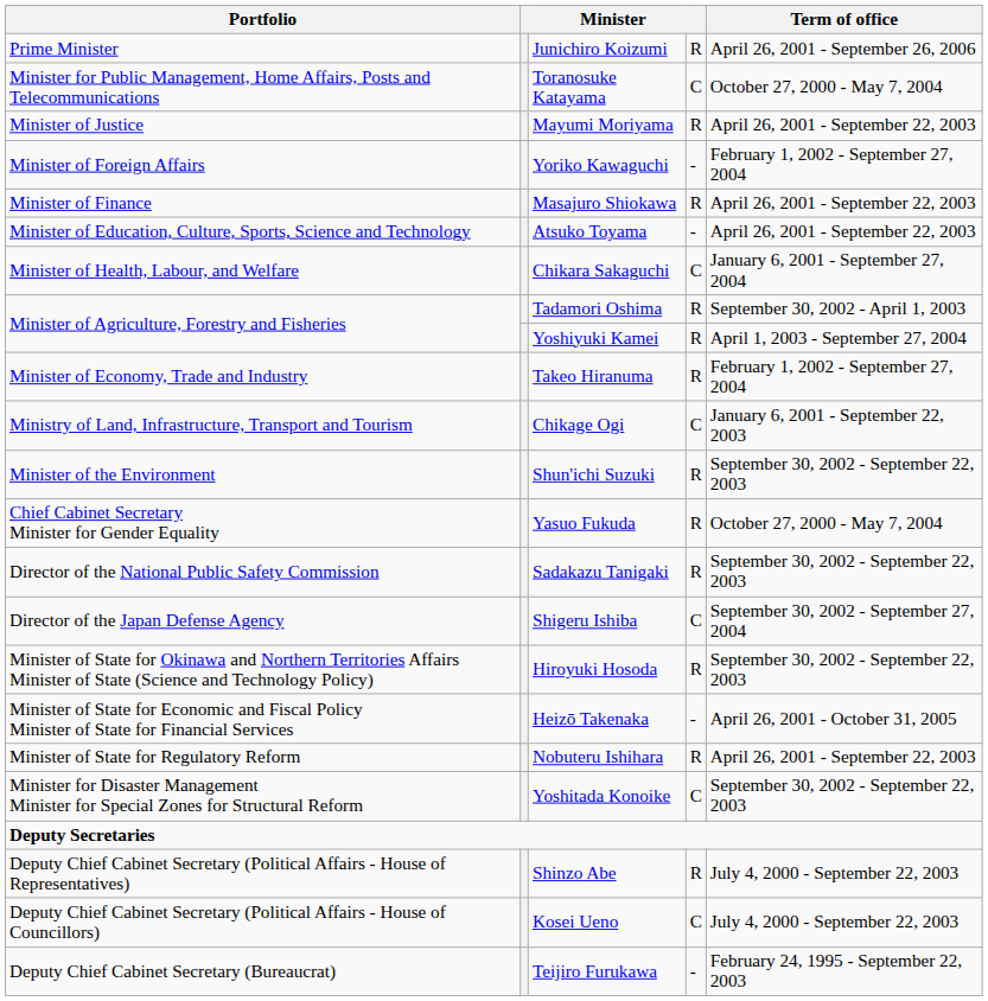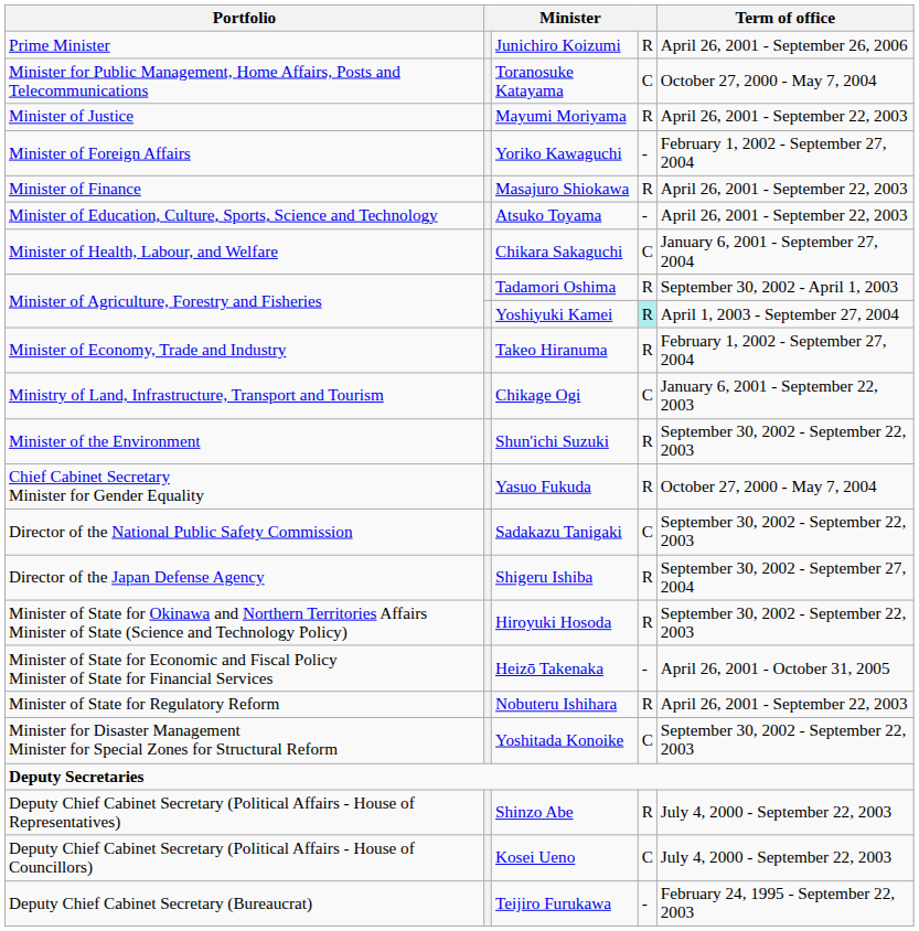 <table class="wikitable">
 <tr>
 <th>Portfolio</th>
 <th colspan=3>Minister</th>
 <th>Term of office</th>
 </tr>
 <tr>
 <td><a href='#'>Prime Minister</a></td>
 <th style="color:inherit;background-color: "></th>
 <td><a href='#'>Junichiro Koizumi</a></td>
 <td>R</td>
 <td>April 26, 2001 - September 26, 2006</td>
 </tr>
 <tr>
 <td><a href='#'>Minister for Public Management, Home Affairs, Posts and Telecommunications</a></td>
 <th style="color:inherit;background-color: "></th>
 <td><a href='#'>Toranosuke Katayama</a></td>
 <td>C</td>
 <td>October 27, 2000 - May 7, 2004</td>
 </tr>
 <tr>
 <td><a href='#'>Minister of Justice</a></td>
 <th style="color:inherit;background-color: "></th>
 <td><a href='#'>Mayumi Moriyama</a></td>
 <td>R</td>
 <td>April 26, 2001 - September 22, 2003</td>
 </tr>
 <tr>
 <td><a href='#'>Minister of Foreign Affairs</a></td>
 <th style="color:inherit;background-color: "></th>
 <td><a href='#'>Yoriko Kawaguchi</a></td>
 <td>-</td>
 <td>February 1, 2002 - September 27, 2004</td>
 </tr>
 <tr>
 <td><a href='#'>Minister of Finance</a></td>
 <th style="color:inherit;background-color: "></th>
 <td><a href='#'>Masajuro Shiokawa</a></td>
 <td>R</td>
 <td>April 26, 2001 - September 22, 2003</td>
 </tr>
 <tr>
 <td><a href='#'>Minister of Education, Culture, Sports, Science and Technology</a></td>
 <th style="color:inherit;background-color: "></th>
 <td><a href='#'>Atsuko Toyama</a></td>
 <td>-</td>
 <td>April 26, 2001 - September 22, 2003</td>
 </tr>
 <tr>
 <td><a href='#'>Minister of Health, Labour, and Welfare</a></td>
 <th style="color:inherit;background-color: "></th>
 <td><a href='#'>Chikara Sakaguchi</a></td>
 <td>C</td>
 <td>January 6, 2001 - September 27, 2004</td>
 </tr>
 <tr>
 <td rowspan=2><a href='#'>Minister of Agriculture, Forestry and Fisheries</a></td>
 <th style="color:inherit;background-color: "></th>
 <td><a href='#'>Tadamori Oshima</a></td>
 <td>R</td>
 <td>September 30, 2002 - April 1, 2003</td>
 </tr>
 <tr>
 <th style="color:inherit;background-color: "></th>
 <td><a href='#'>Yoshiyuki Kamei</a></td>
-<td>R</td>
+<td style="background: paleturquoise;">R</td>
 <td>April 1, 2003 - September 27, 2004</td>
 </tr>
 <tr>
 <td><a href='#'>Minister of Economy, Trade and Industry</a></td>
 <th style="color:inherit;background-color: "></th>
 <td><a href='#'>Takeo Hiranuma</a></td>
 <td>R</td>
 <td>February 1, 2002 - September 27, 2004</td>
 </tr>
 <tr>
 <td><a href='#'>Ministry of Land, Infrastructure, Transport and Tourism</a></td>
 <th style="color:inherit;background-color: "></th>
 <td><a href='#'>Chikage Ogi</a></td>
 <td>C</td>
 <td>January 6, 2001 - September 22, 2003</td>
 </tr>
 <tr>
 <td><a href='#'>Minister of the Environment</a></td>
 <th style="color:inherit;background-color: "></th>
 <td><a href='#'>Shun'ichi Suzuki</a></td>
 <td>R</td>
 <td>September 30, 2002 - September 22, 2003</td>
 </tr>
 <tr>
 <td><a href='#'>Chief Cabinet Secretary</a> <br>Minister for Gender Equality</td>
 <th style="color:inherit;background-color: "></th>
 <td><a href='#'>Yasuo Fukuda</a></td>
 <td>R</td>
 <td>October 27, 2000 - May 7, 2004</td>
 </tr>
 <tr>
 <td>Director of the <a href='#'>National Public Safety Commission</a></td>
 <th style="color:inherit;background-color: "></th>
 <td><a href='#'>Sadakazu Tanigaki</a></td>
-<td>R</td>
+<td>C</td>
 <td>September 30, 2002 - September 22, 2003</td>
 </tr>
 <tr>
 <td>Director of the <a href='#'>Japan Defense Agency</a></td>
 <th style="color:inherit;background-color: "></th>
 <td><a href='#'>Shigeru Ishiba</a></td>
-<td>C</td>
+<td>R</td>
 <td>September 30, 2002 - September 27, 2004</td>
 </tr>
 <tr>
 <td>Minister of State for <a href='#'>Okinawa</a> and <a href='#'>Northern Territories</a> Affairs <br>Minister of State (Science and Technology Policy)</td>
 <th style="color:inherit;background-color: "></th>
 <td><a href='#'>Hiroyuki Hosoda</a></td>
 <td>R</td>
 <td>September 30, 2002 - September 22, 2003</td>
 </tr>
 <tr>
 <td>Minister of State for Economic and Fiscal Policy <br>Minister of State for Financial Services</td>
 <th style="color:inherit;background-color: "></th>
 <td><a href='#'>Heizō Takenaka</a></td>
 <td>-</td>
 <td>April 26, 2001 - October 31, 2005</td>
 </tr>
 <tr>
 <td>Minister of State for Regulatory Reform</td>
 <th style="color:inherit;background-color: "></th>
 <td><a href='#'>Nobuteru Ishihara</a></td>
 <td>R</td>
 <td>April 26, 2001 - September 22, 2003</td>
 </tr>
 <tr>
 <td>Minister for Disaster Management <br>Minister for Special Zones for Structural Reform</td>
 <th style="color:inherit;background-color: "></th>
 <td><a href='#'>Yoshitada Konoike</a></td>
 <td>C</td>
 <td>September 30, 2002 - September 22, 2003</td>
 </tr>
 <tr>
 <td colspan=5><strong>Deputy Secretaries</strong></td>
 </tr>
 <tr>
 <td>Deputy Chief Cabinet Secretary (Political Affairs - House of Representatives)</td>
 <th style="color:inherit;background-color: "></th>
 <td><a href='#'>Shinzo Abe</a></td>
 <td>R</td>
 <td>July 4, 2000 - September 22, 2003</td>
 </tr>
 <tr>
 <td>Deputy Chief Cabinet Secretary (Political Affairs - House of Councillors)</td>
 <th style="color:inherit;background-color: "></th>
 <td><a href='#'>Kosei Ueno</a></td>
 <td>C</td>
 <td>July 4, 2000 - September 22, 2003</td>
 </tr>
 <tr>
 <td>Deputy Chief Cabinet Secretary (Bureaucrat)</td>
 <th style="color:inherit;background-color: "></th>
 <td><a href='#'>Teijiro Furukawa</a></td>
 <td>-</td>
 <td>February 24, 1995 - September 22, 2003</td>
 </tr>
 </table>
